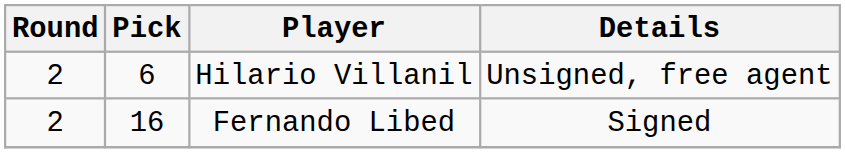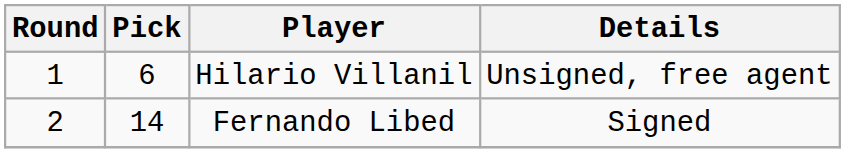 <table class="wikitable sortable sortable">
 <tr>
 <th>Round</th>
 <th>Pick</th>
 <th>Player</th>
 <th>Details</th>
 </tr>
 <tr style="text-align: center">
-<td>2</td>
+<td>1</td>
 <td>6</td>
 <td>Hilario Villanil</td>
 <td>Unsigned, free agent</td>
 </tr>
 <tr style="text-align: center">
 <td>2</td>
-<td>16</td>
+<td>14</td>
 <td>Fernando Libed</td>
 <td>Signed</td>
 </tr>
 <tr>
 </tr>
 </table>
